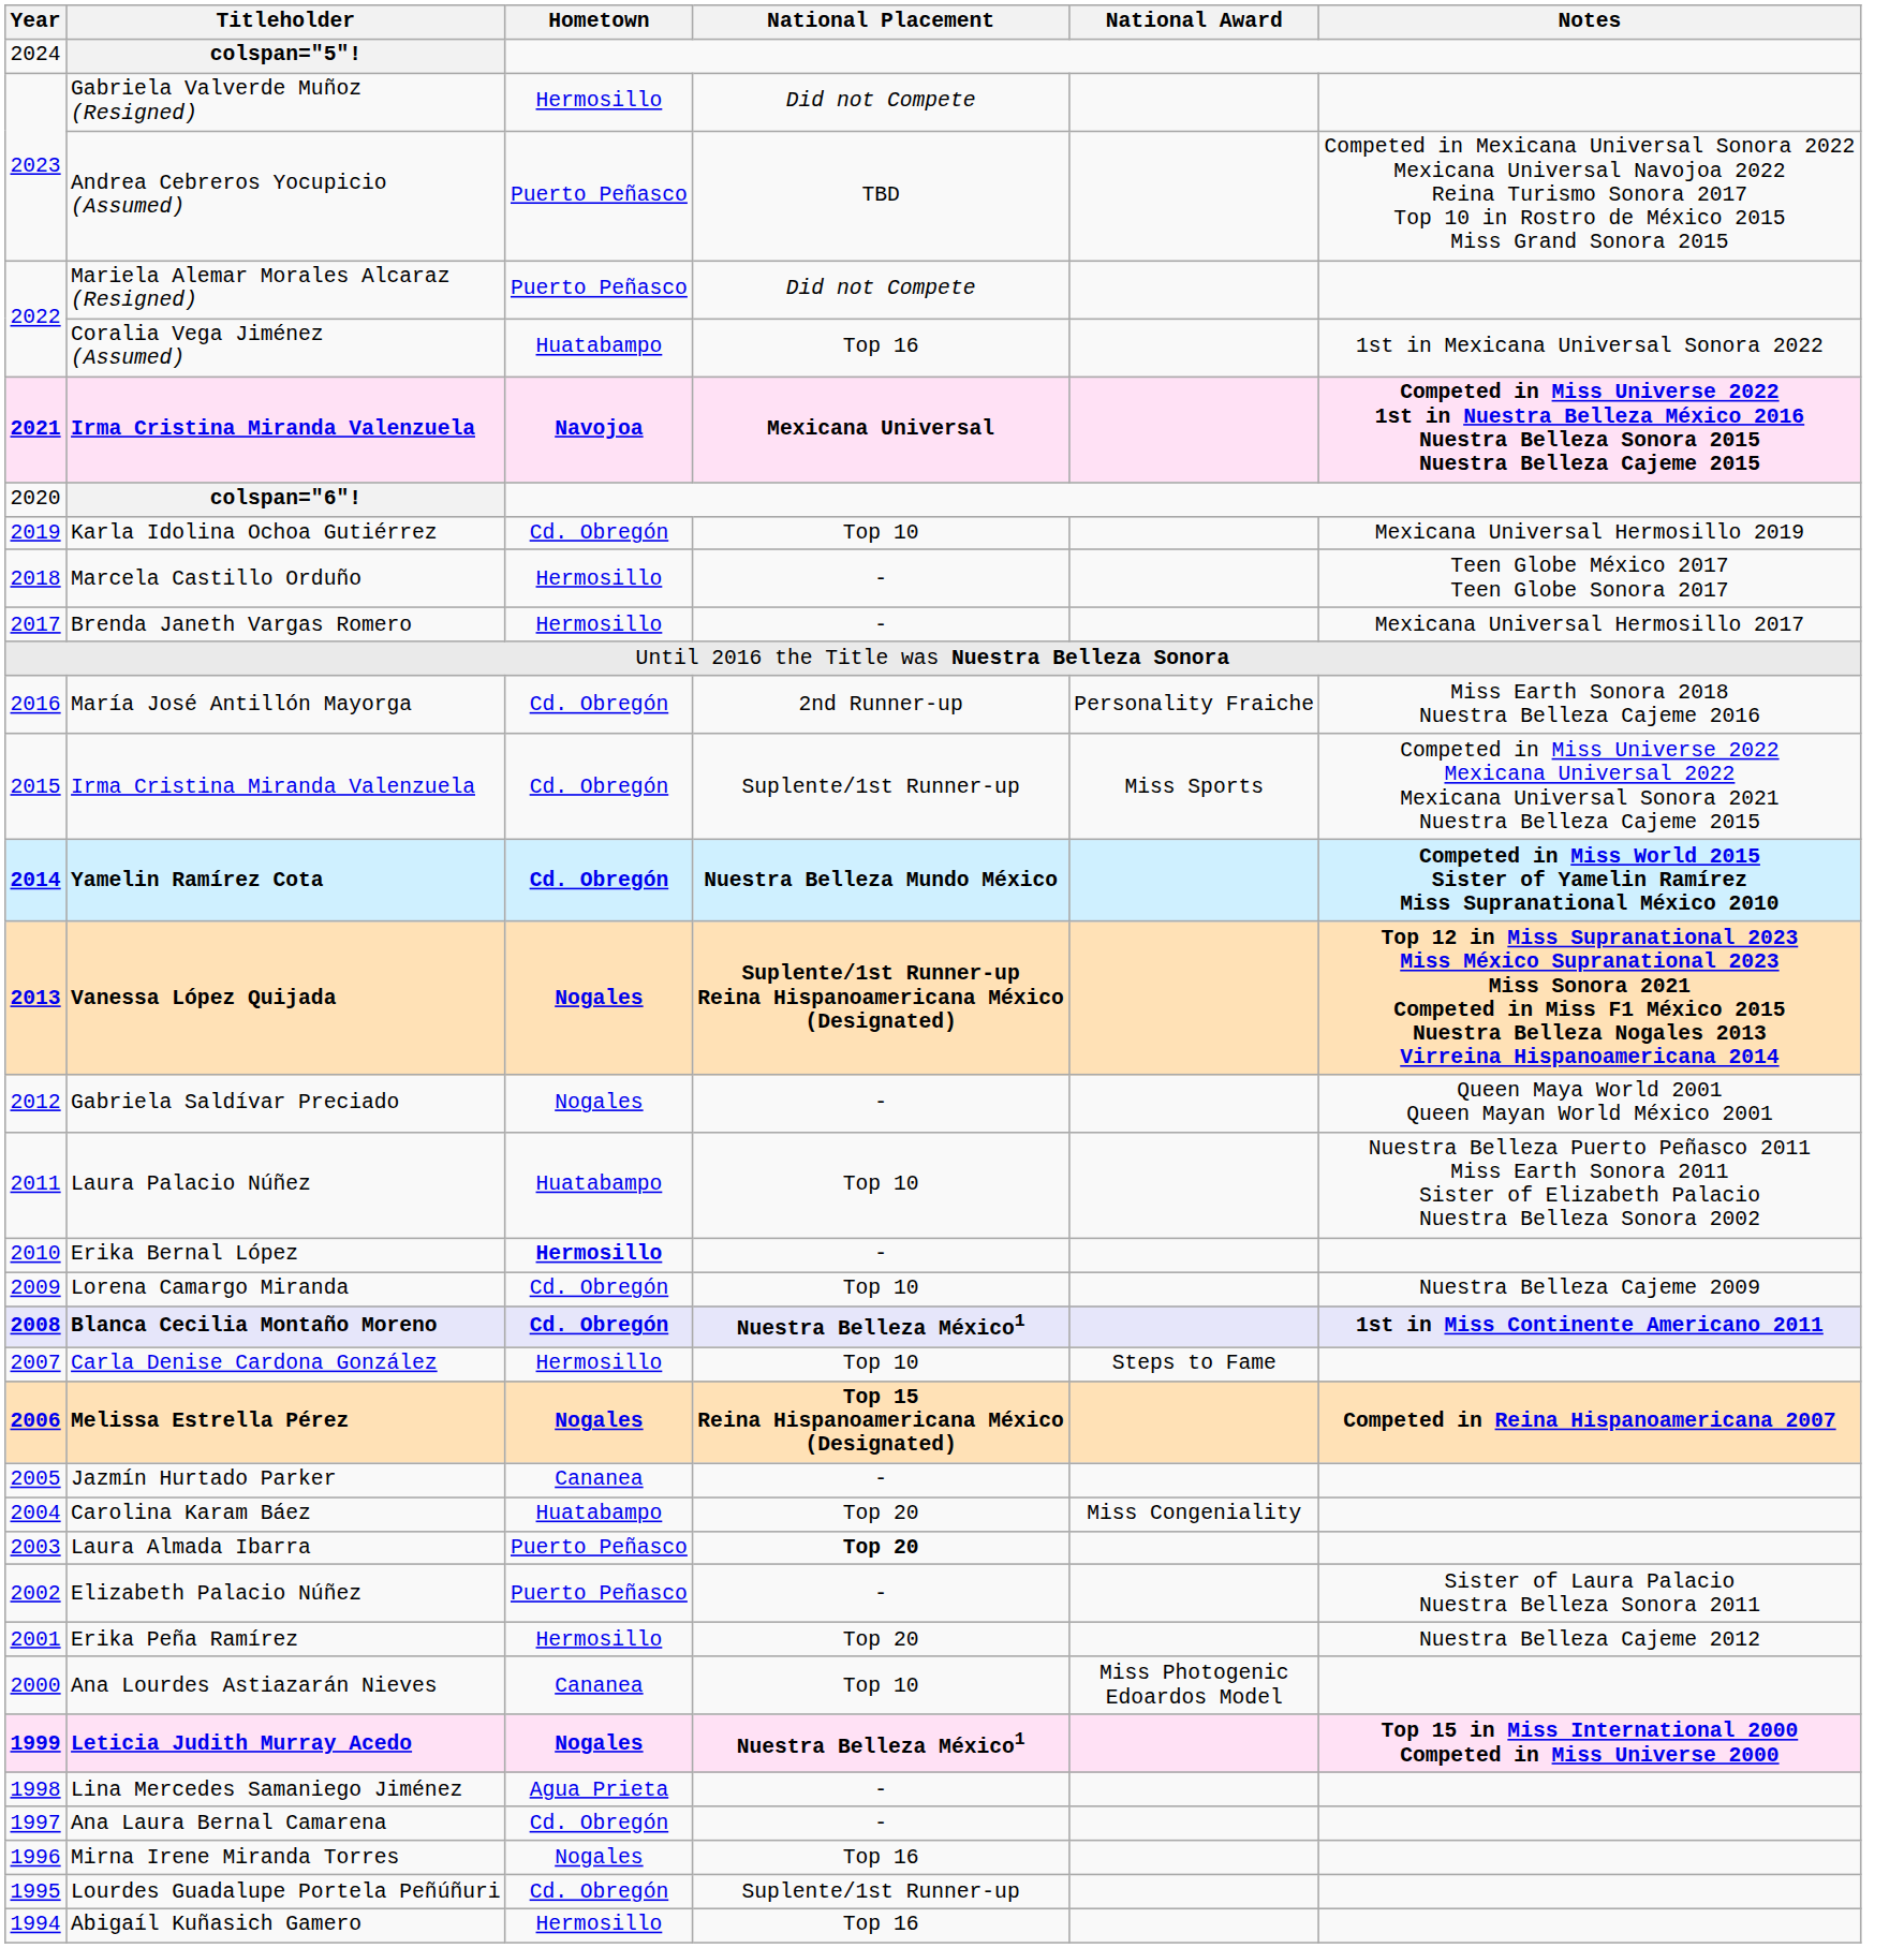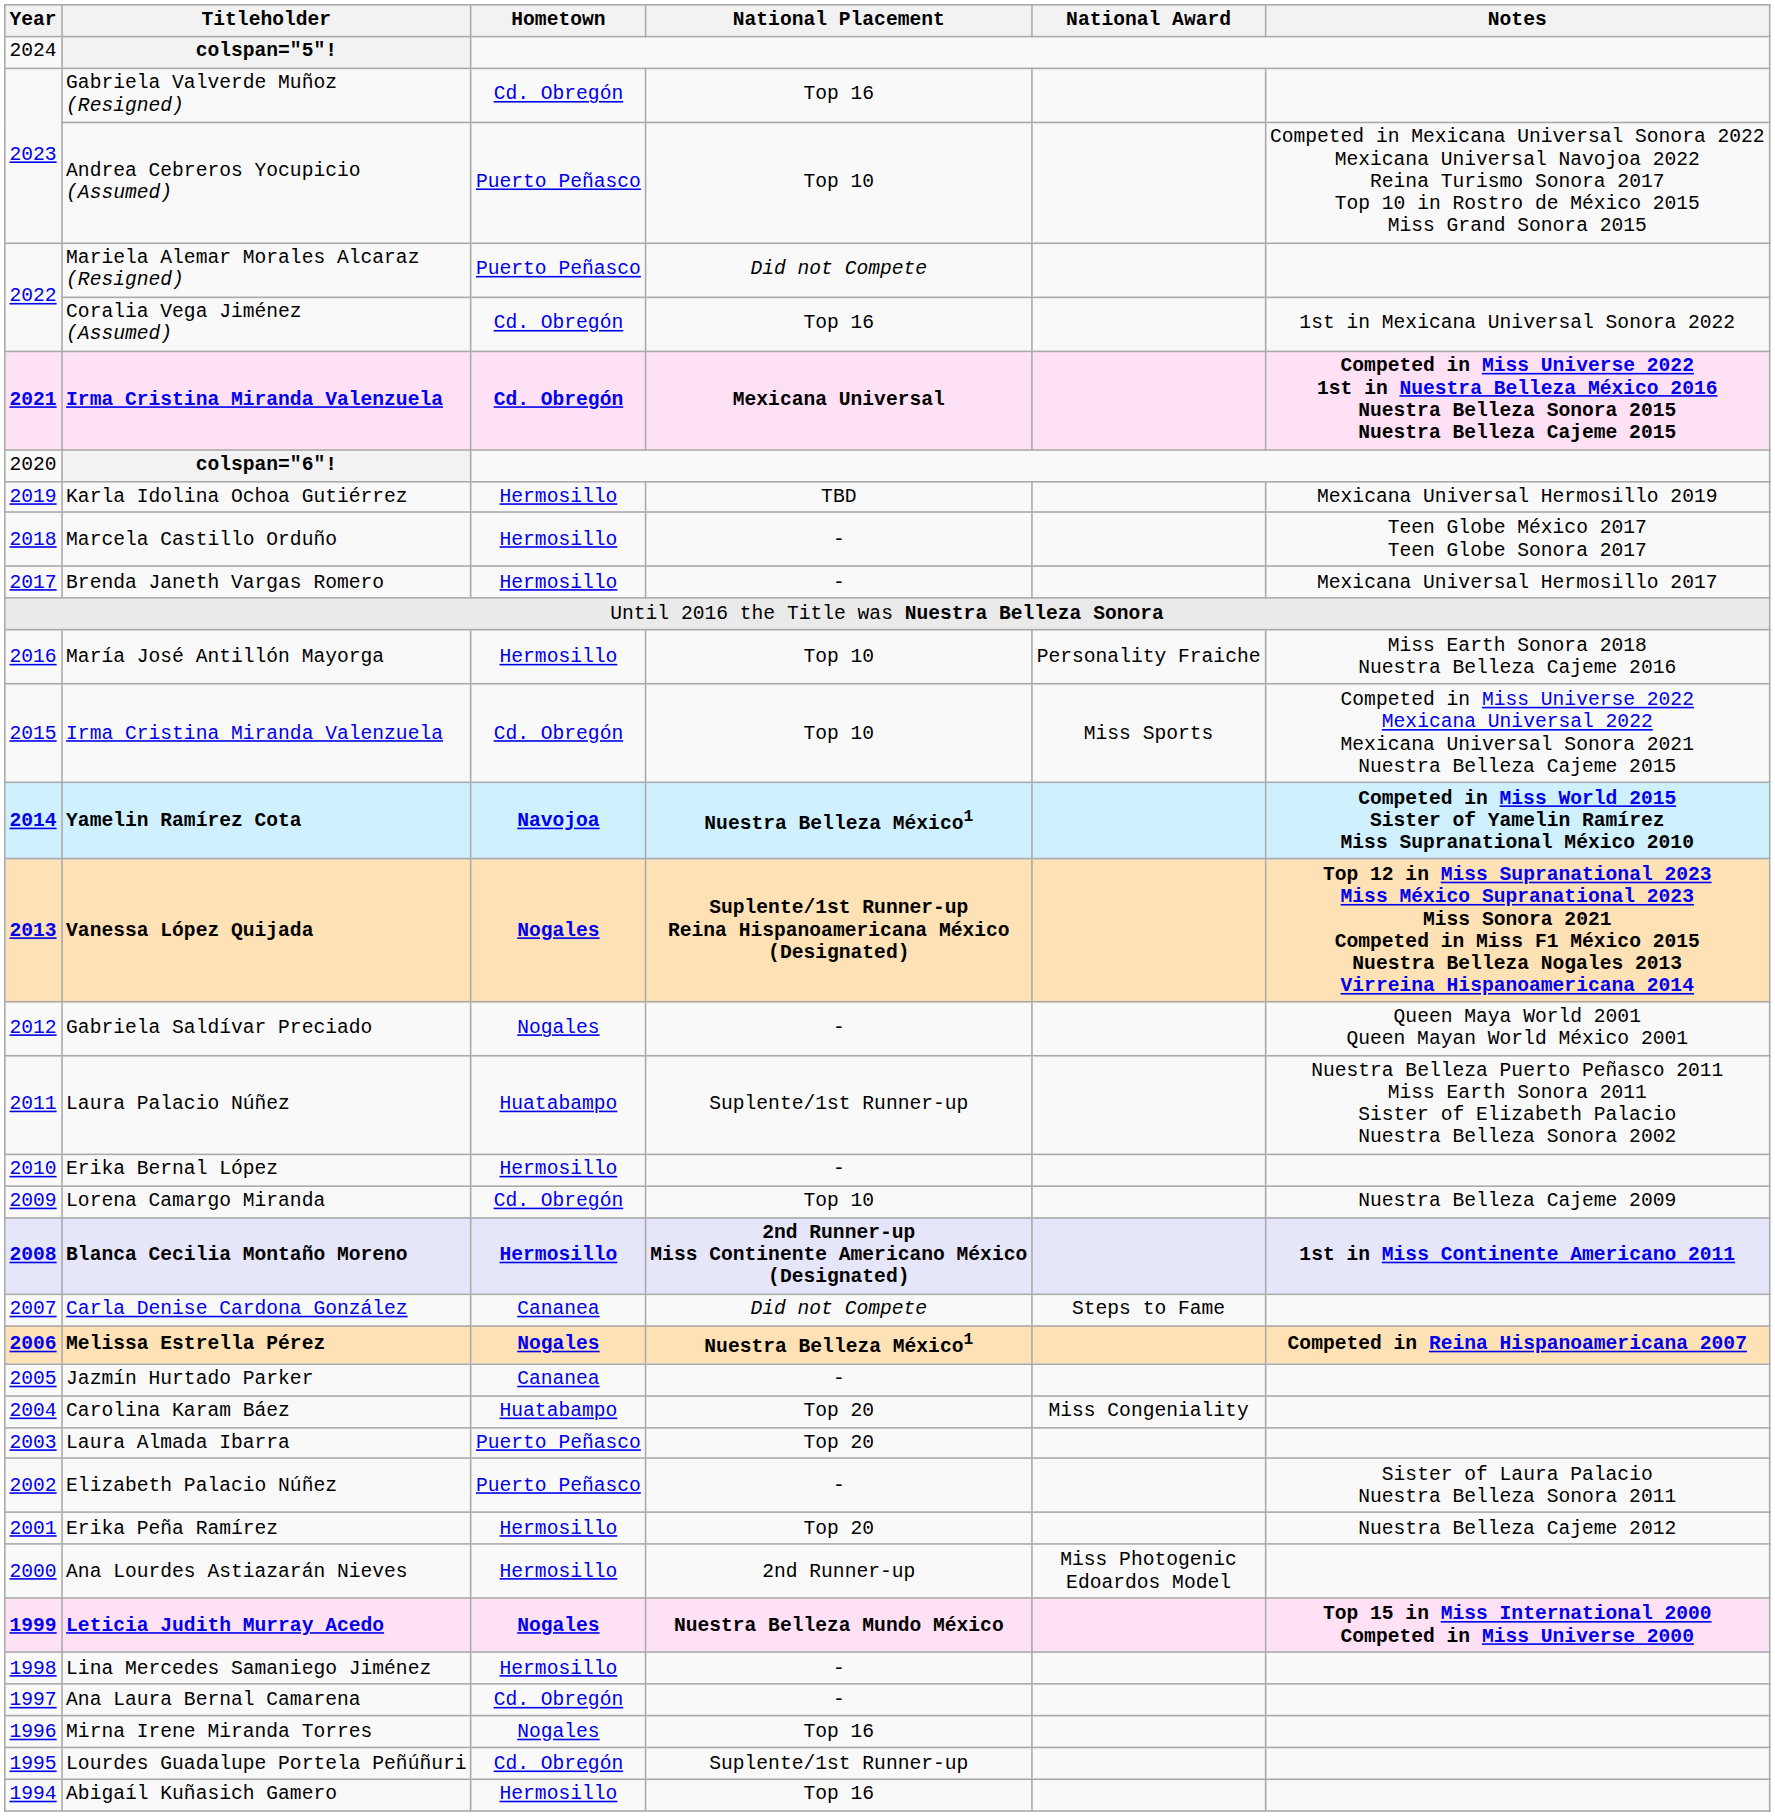 <table class="wikitable sortable" style="font-size:95%;">
 <tr>
 <th>Year</th>
 <th>Titleholder</th>
 <th>Hometown</th>
 <th>National Placement</th>
 <th>National Award</th>
 <th>Notes</th>
 </tr>
 <tr>
 <td align="center">2024</td>
 <th>colspan="5"!</th>
 </tr>
 <tr>
 <td rowspan=2 align="center"><a href='#'>2023</a></td>
 <td>Gabriela Valverde Muñoz<br><em>(Resigned)</em></td>
-<td align="center"><a href='#'>Hermosillo</a></td>
-<td align="center"><em>Did not Compete</em></td>
+<td align="center"><a href='#'>Cd. Obregón</a></td>
+<td align="center">Top 16</td>
 <td align="center"></td>
 <td align="center"></td>
 </tr>
 <tr>
 <td>Andrea Cebreros Yocupicio<br><em>(Assumed)</em></td>
 <td align="center"><a href='#'>Puerto Peñasco</a></td>
-<td align="center">TBD</td>
+<td align="center">Top 10</td>
 <td align="center"></td>
 <td align="center">Competed in Mexicana Universal Sonora 2022<br>Mexicana Universal Navojoa 2022<br>Reina Turismo Sonora 2017<br>Top 10 in Rostro de México 2015<br>Miss Grand Sonora 2015</td>
 </tr>
 <tr>
 <td rowspan=2 align="center"><a href='#'>2022</a></td>
 <td>Mariela Alemar Morales Alcaraz<br><em>(Resigned)</em></td>
 <td align="center"><a href='#'>Puerto Peñasco</a></td>
 <td align="center"><em>Did not Compete</em></td>
 <td align="center"></td>
 <td align="center"></td>
 </tr>
 <tr>
 <td>Coralia Vega Jiménez<br><em>(Assumed)</em></td>
-<td align="center"><a href='#'>Huatabampo</a></td>
+<td align="center"><a href='#'>Cd. Obregón</a></td>
 <td align="center">Top 16</td>
 <td align="center"></td>
 <td align="center">1st in Mexicana Universal Sonora 2022</td>
 </tr>
 <tr bgcolor="#FFE1F5">
 <td align="center"><strong><a href='#'>2021</a></strong></td>
 <td><strong><a href='#'>Irma Cristina Miranda Valenzuela</a></strong></td>
-<td align="center"><strong><a href='#'>Navojoa</a></strong></td>
+<td align="center"><strong><a href='#'>Cd. Obregón</a></strong></td>
 <td align="center"><strong>Mexicana Universal</strong></td>
 <td align="center"></td>
 <td align="center"><strong>Competed in <a href='#'>Miss Universe 2022</a><br>1st in <a href='#'>Nuestra Belleza México 2016</a><br>Nuestra Belleza Sonora 2015<br>Nuestra Belleza Cajeme 2015</strong></td>
 </tr>
 <tr>
 <td align="center">2020</td>
 <th>colspan="6"!</th>
 </tr>
 <tr>
 <td align="center"><a href='#'>2019</a></td>
 <td>Karla Idolina Ochoa Gutiérrez</td>
-<td align="center"><a href='#'>Cd. Obregón</a></td>
-<td align="center">Top 10</td>
+<td align="center"><a href='#'>Hermosillo</a></td>
+<td align="center">TBD</td>
 <td align="center"></td>
 <td align="center">Mexicana Universal Hermosillo 2019</td>
 </tr>
 <tr>
 <td align="center"><a href='#'>2018</a></td>
 <td>Marcela Castillo Orduño</td>
 <td align="center"><a href='#'>Hermosillo</a></td>
 <td align="center">-</td>
 <td align="center"></td>
 <td align="center">Teen Globe México 2017<br>Teen Globe Sonora 2017</td>
 </tr>
 <tr>
 <td align="center"><a href='#'>2017</a></td>
 <td>Brenda Janeth Vargas Romero</td>
 <td align="center"><a href='#'>Hermosillo</a></td>
 <td align="center">-</td>
 <td align="center"></td>
 <td align="center">Mexicana Universal Hermosillo 2017</td>
 </tr>
 <tr>
 <td colspan="7" bgcolor="#EAEAEA" style="text-align:center;">Until 2016 the Title was <strong>Nuestra Belleza Sonora</strong></td>
 </tr>
 <tr>
 <td align="center"><a href='#'>2016</a></td>
 <td>María José Antillón Mayorga</td>
-<td align="center"><a href='#'>Cd. Obregón</a></td>
-<td align="center">2nd Runner-up</td>
+<td align="center"><a href='#'>Hermosillo</a></td>
+<td align="center">Top 10</td>
 <td align="center">Personality Fraiche</td>
 <td align="center">Miss Earth Sonora 2018<br>Nuestra Belleza Cajeme 2016</td>
 </tr>
 <tr>
 <td align="center"><a href='#'>2015</a></td>
 <td><a href='#'>Irma Cristina Miranda Valenzuela</a></td>
 <td align="center"><a href='#'>Cd. Obregón</a></td>
-<td align="center">Suplente/1st Runner-up</td>
+<td align="center">Top 10</td>
 <td align="center">Miss Sports</td>
 <td align="center">Competed in <a href='#'>Miss Universe 2022</a><br><a href='#'>Mexicana Universal 2022</a><br>Mexicana Universal Sonora 2021<br>Nuestra Belleza Cajeme 2015</td>
 </tr>
 <tr bgcolor="#CFF0FF">
 <td align="center"><strong><a href='#'>2014</a></strong></td>
 <td><strong>Yamelin Ramírez Cota</strong></td>
-<td align="center"><strong><a href='#'>Cd. Obregón</a></strong></td>
-<td align="center"><strong>Nuestra Belleza Mundo México</strong></td>
+<td align="center"><strong><a href='#'>Navojoa</a></strong></td>
+<td align="center"><strong>Nuestra Belleza México<sup>1</sup></strong></td>
 <td align="center"></td>
 <td align="center"><strong>Competed in <a href='#'>Miss World 2015</a><br>Sister of Yamelin Ramírez<br>Miss Supranational México 2010</strong></td>
 </tr>
 <tr bgcolor="#FFE1B6">
 <td align="center"><strong><a href='#'>2013</a></strong></td>
 <td><strong>Vanessa López Quijada</strong></td>
 <td align="center"><strong><a href='#'>Nogales</a></strong></td>
 <td align="center"><strong>Suplente/1st Runner-up<br>Reina Hispanoamericana México<br>(Designated)</strong></td>
 <td align="center"></td>
 <td align="center"><strong>Top 12 in <a href='#'>Miss Supranational 2023</a><br><a href='#'>Miss México Supranational 2023</a><br>Miss Sonora 2021<br>Competed in Miss F1 México 2015<br>Nuestra Belleza Nogales 2013<br><a href='#'>Virreina Hispanoamericana 2014</a></strong></td>
 </tr>
 <tr>
 <td align="center"><a href='#'>2012</a></td>
 <td>Gabriela Saldívar Preciado</td>
 <td align="center"><a href='#'>Nogales</a></td>
 <td align="center">-</td>
 <td align="center"></td>
 <td align="center">Queen Maya World 2001<br>Queen Mayan World México 2001</td>
 </tr>
 <tr>
 <td align="center"><a href='#'>2011</a></td>
 <td>Laura Palacio Núñez</td>
 <td align="center"><a href='#'>Huatabampo</a></td>
-<td align="center">Top 10</td>
+<td align="center">Suplente/1st Runner-up</td>
 <td align="center"></td>
 <td align="center">Nuestra Belleza Puerto Peñasco 2011<br>Miss Earth Sonora 2011<br>Sister of Elizabeth Palacio<br>Nuestra Belleza Sonora 2002</td>
 </tr>
 <tr>
 <td align="center"><a href='#'>2010</a></td>
 <td>Erika Bernal López</td>
-<td align="center"><strong><a href='#'>Hermosillo</a></strong></td>
+<td align="center"><a href='#'>Hermosillo</a></td>
 <td align="center">-</td>
 <td align="center"></td>
 <td align="center"></td>
 </tr>
 <tr>
 <td align="center"><a href='#'>2009</a></td>
 <td>Lorena Camargo Miranda</td>
 <td align="center"><a href='#'>Cd. Obregón</a></td>
 <td align="center">Top 10</td>
 <td align="center"></td>
 <td align="center">Nuestra Belleza Cajeme 2009</td>
 </tr>
 <tr bgcolor="#E6E6FA">
 <td align="center"><strong><a href='#'>2008</a></strong></td>
 <td><strong>Blanca Cecilia Montaño Moreno</strong></td>
-<td align="center"><strong><a href='#'>Cd. Obregón</a></strong></td>
-<td align="center"><strong>Nuestra Belleza México<sup>1</sup></strong></td>
+<td align="center"><strong><a href='#'>Hermosillo</a></strong></td>
+<td align="center"><strong>2nd Runner-up<br>Miss Continente Americano México<br>(Designated)</strong></td>
 <td align="center"></td>
 <td align="center"><strong>1st in <a href='#'>Miss Continente Americano 2011</a></strong></td>
 </tr>
 <tr>
 <td align="center"><a href='#'>2007</a></td>
 <td><a href='#'>Carla Denise Cardona González</a></td>
-<td align="center"><a href='#'>Hermosillo</a></td>
-<td align="center">Top 10</td>
+<td align="center"><a href='#'>Cananea</a></td>
+<td align="center"><em>Did not Compete</em></td>
 <td align="center">Steps to Fame</td>
 <td align="center"></td>
 </tr>
 <tr bgcolor="#FFE1B6">
 <td align="center"><strong><a href='#'>2006</a></strong></td>
 <td><strong>Melissa Estrella Pérez</strong></td>
 <td align="center"><strong><a href='#'>Nogales</a></strong></td>
-<td align="center"><strong>Top 15<br>Reina Hispanoamericana México<br>(Designated)</strong></td>
+<td align="center"><strong>Nuestra Belleza México<sup>1</sup></strong></td>
 <td align="center"></td>
 <td align="center"><strong>Competed in <a href='#'>Reina Hispanoamericana 2007</a></strong></td>
 </tr>
 <tr>
 <td align="center"><a href='#'>2005</a></td>
 <td>Jazmín Hurtado Parker</td>
 <td align="center"><a href='#'>Cananea</a></td>
 <td align="center">-</td>
 <td align="center"></td>
 <td align="center"></td>
 </tr>
 <tr>
 <td align="center"><a href='#'>2004</a></td>
 <td>Carolina Karam Báez</td>
 <td align="center"><a href='#'>Huatabampo</a></td>
 <td align="center">Top 20</td>
 <td align="center">Miss Congeniality</td>
 <td align="center"></td>
 </tr>
 <tr>
 <td align="center"><a href='#'>2003</a></td>
 <td>Laura Almada Ibarra</td>
 <td align="center"><a href='#'>Puerto Peñasco</a></td>
-<td align="center"><strong>Top 20</strong></td>
+<td align="center">Top 20</td>
 <td align="center"></td>
 <td align="center"></td>
 </tr>
 <tr>
 <td align="center"><a href='#'>2002</a></td>
 <td>Elizabeth Palacio Núñez</td>
 <td align="center"><a href='#'>Puerto Peñasco</a></td>
 <td align="center">-</td>
 <td align="center"></td>
 <td align="center">Sister of Laura Palacio<br>Nuestra Belleza Sonora 2011</td>
 </tr>
 <tr>
 <td align="center"><a href='#'>2001</a></td>
 <td>Erika Peña Ramírez</td>
 <td align="center"><a href='#'>Hermosillo</a></td>
 <td align="center">Top 20</td>
 <td align="center"></td>
 <td align="center">Nuestra Belleza Cajeme 2012</td>
 </tr>
 <tr>
 <td align="center"><a href='#'>2000</a></td>
 <td>Ana Lourdes Astiazarán Nieves</td>
-<td align="center"><a href='#'>Cananea</a></td>
-<td align="center">Top 10</td>
+<td align="center"><a href='#'>Hermosillo</a></td>
+<td align="center">2nd Runner-up</td>
 <td align="center">Miss Photogenic<br>Edoardos Model</td>
 <td align="center"></td>
 </tr>
 <tr bgcolor="#FFE1F5">
 <td align="center"><strong><a href='#'>1999</a></strong></td>
 <td><strong><a href='#'>Leticia Judith Murray Acedo</a></strong></td>
 <td align="center"><strong><a href='#'>Nogales</a></strong></td>
-<td align="center"><strong>Nuestra Belleza México<sup>1</sup></strong></td>
+<td align="center"><strong>Nuestra Belleza Mundo México</strong></td>
 <td align="center"></td>
 <td align="center"><strong>Top 15 in <a href='#'>Miss International 2000</a><br>Competed in <a href='#'>Miss Universe 2000</a></strong></td>
 </tr>
 <tr>
 <td align="center"><a href='#'>1998</a></td>
 <td>Lina Mercedes Samaniego Jiménez</td>
-<td align="center"><a href='#'>Agua Prieta</a></td>
+<td align="center"><a href='#'>Hermosillo</a></td>
 <td align="center">-</td>
 <td align="center"></td>
 <td align="center"></td>
 </tr>
 <tr>
 <td align="center"><a href='#'>1997</a></td>
 <td>Ana Laura Bernal Camarena</td>
 <td align="center"><a href='#'>Cd. Obregón</a></td>
 <td align="center">-</td>
 <td align="center"></td>
 <td align="center"></td>
 </tr>
 <tr>
 <td align="center"><a href='#'>1996</a></td>
 <td>Mirna Irene Miranda Torres</td>
 <td align="center"><a href='#'>Nogales</a></td>
 <td align="center">Top 16</td>
 <td align="center"></td>
 <td align="center"></td>
 </tr>
 <tr>
 <td align="center"><a href='#'>1995</a></td>
 <td>Lourdes Guadalupe Portela Peñúñuri</td>
 <td align="center"><a href='#'>Cd. Obregón</a></td>
 <td align="center">Suplente/1st Runner-up</td>
 <td align="center"></td>
 <td align="center"></td>
 </tr>
 <tr>
 <td align="center"><a href='#'>1994</a></td>
 <td>Abigaíl Kuñasich Gamero</td>
 <td align="center"><a href='#'>Hermosillo</a></td>
 <td align="center">Top 16</td>
 <td align="center"></td>
 <td align="center"></td>
 </tr>
 </table>
